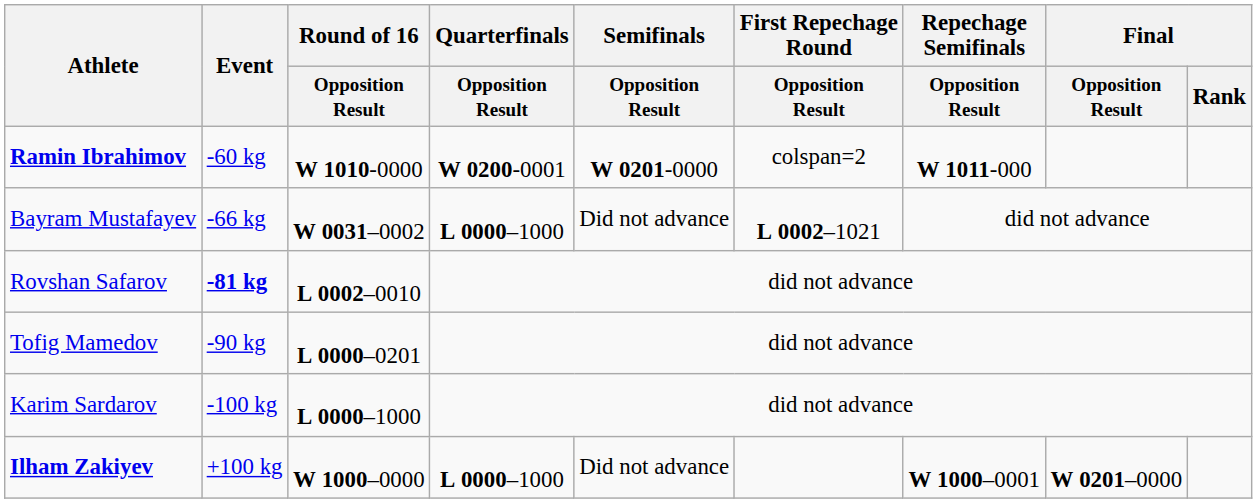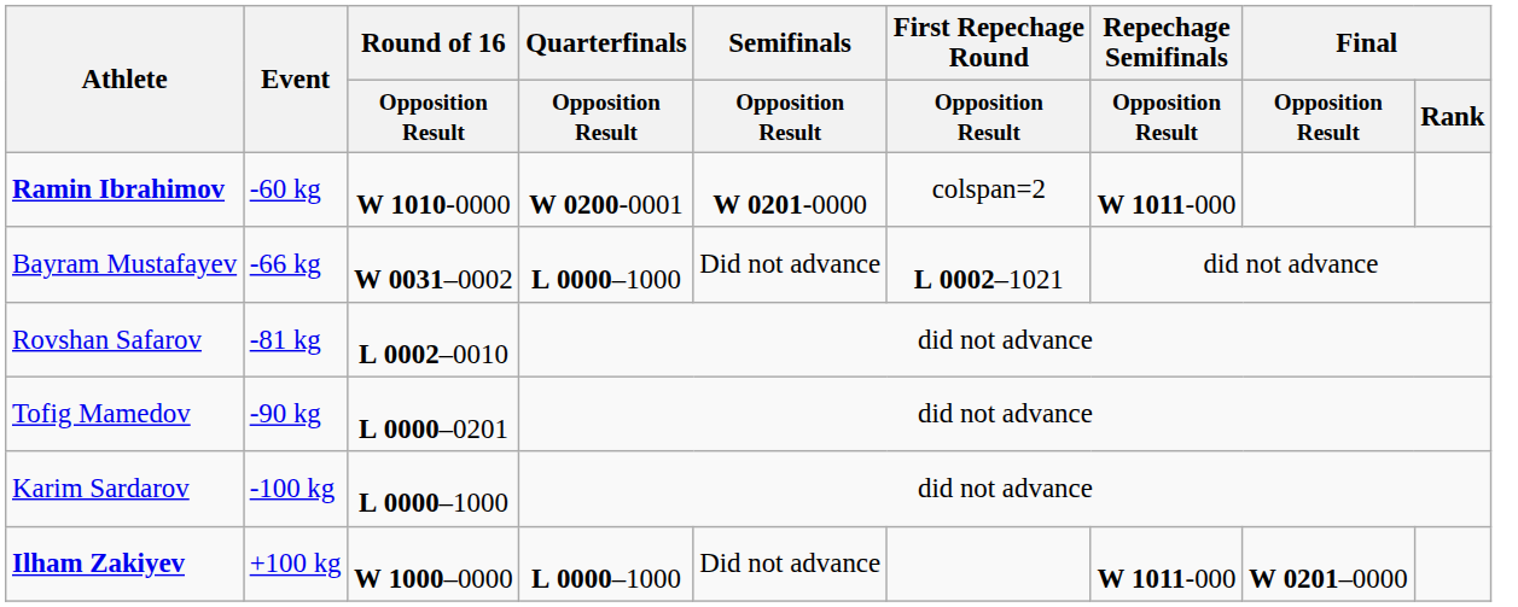 <table class="wikitable">
 <tr>
 <th rowspan="2">Athlete</th>
 <th rowspan="2">Event</th>
 <th>Round of 16</th>
 <th>Quarterfinals</th>
 <th>Semifinals</th>
 <th>First Repechage <br>Round</th>
 <th>Repechage <br>Semifinals</th>
 <th colspan="2">Final</th>
 </tr>
 <tr>
 <th style="line-height:1em"><small>Opposition<br>Result</small></th>
 <th style="line-height:1em"><small>Opposition<br>Result</small></th>
 <th style="line-height:1em"><small>Opposition<br>Result</small></th>
 <th style="line-height:1em"><small>Opposition<br>Result</small></th>
 <th style="line-height:1em"><small>Opposition<br>Result</small></th>
 <th style="line-height:1em"><small>Opposition<br>Result</small></th>
 <th style="line-height:1em">Rank</th>
 </tr>
 <tr align=center>
 <td align=left><strong><a href='#'>Ramin Ibrahimov</a></strong></td>
 <td align=left><a href='#'>-60 kg</a></td>
 <td><br><strong>W</strong> <strong>1010</strong>-0000</td>
 <td><br><strong>W</strong> <strong>0200</strong>-0001</td>
 <td><br><strong>W</strong> <strong>0201</strong>-0000</td>
 <td>colspan=2 </td>
 <td><br><strong>W</strong> <strong>1011</strong>-000</td>
 <td></td>
 </tr>
 <tr align=center>
 <td align=left><a href='#'>Bayram Mustafayev</a></td>
 <td align=left><a href='#'>-66 kg</a></td>
 <td><br><strong>W</strong> <strong>0031</strong>–0002</td>
 <td><br><strong>L</strong> <strong>0000</strong>–1000</td>
 <td>Did not advance</td>
 <td><br><strong>L</strong> <strong>0002</strong>–1021</td>
 <td colspan=3>did not advance</td>
 </tr>
 <tr align=center>
 <td align=left><a href='#'>Rovshan Safarov</a></td>
-<td align=left><strong><a href='#'>-81 kg</a></strong></td>
+<td align=left><a href='#'>-81 kg</a></td>
 <td><br><strong>L</strong> <strong>0002</strong>–0010</td>
 <td colspan=6>did not advance</td>
 </tr>
 <tr align=center>
 <td align=left><a href='#'>Tofig Mamedov</a></td>
 <td align=left><a href='#'>-90 kg</a></td>
 <td><br><strong>L</strong> <strong>0000</strong>–0201</td>
 <td colspan=6>did not advance</td>
 </tr>
 <tr align=center>
 <td align=left><a href='#'>Karim Sardarov</a></td>
 <td align=left><a href='#'>-100 kg</a></td>
 <td><br><strong>L</strong> <strong>0000</strong>–1000</td>
 <td colspan=6>did not advance</td>
 </tr>
 <tr align=center>
 <td align=left><strong><a href='#'>Ilham Zakiyev</a></strong></td>
 <td align=left><a href='#'>+100 kg</a></td>
 <td><br><strong>W</strong> <strong>1000</strong>–0000</td>
 <td><br><strong>L</strong> <strong>0000</strong>–1000</td>
 <td>Did not advance</td>
 <td></td>
-<td><br><strong>W</strong> <strong>1000</strong>–0001</td>
+<td><br><strong>W</strong> <strong>1011</strong>-000</td>
 <td><br><strong>W</strong> <strong>0201</strong>–0000</td>
 <td></td>
 </tr>
 </table>
